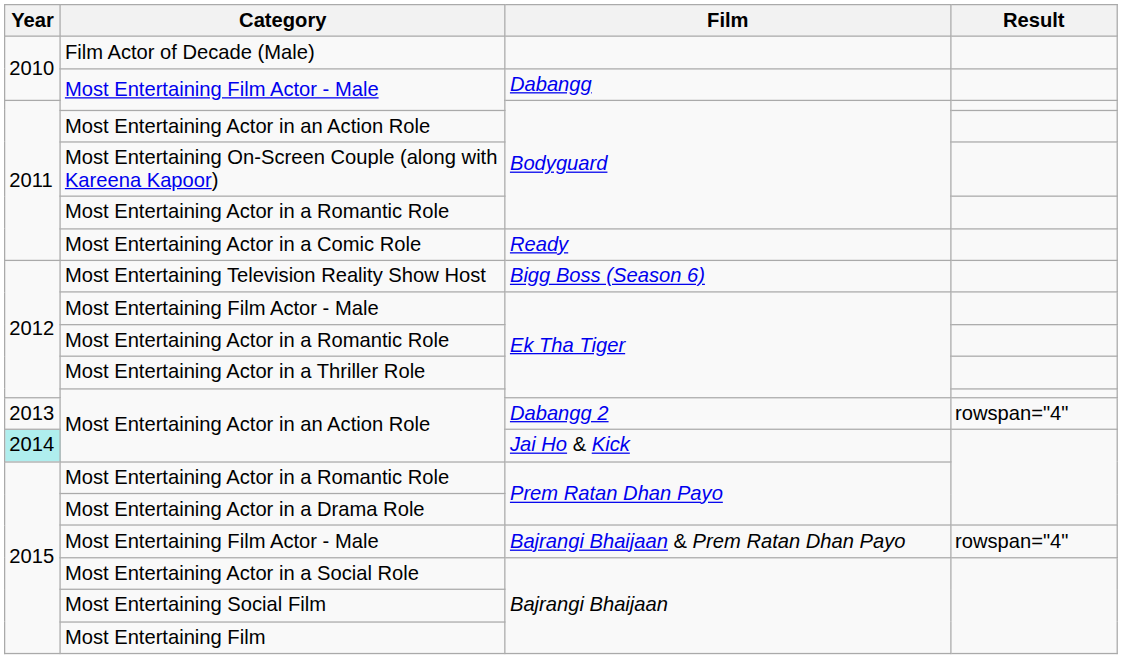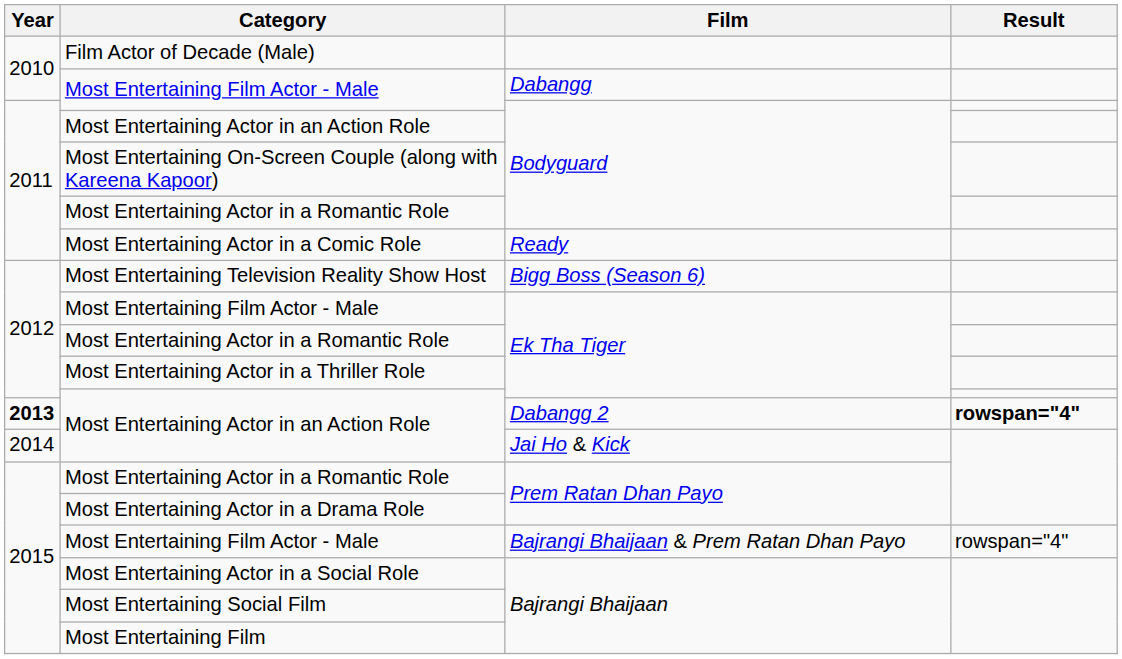 <table class="wikitable" style="width:100%;">
 <tr>
 <th width=5%>Year</th>
 <th style="width:40%;">Category</th>
 <th style="width:40%;">Film</th>
 <th style="width:15%;">Result</th>
 </tr>
 <tr>
 <td rowspan="2">2010</td>
 <td>Film Actor of Decade (Male)</td>
 <td></td>
 <td></td>
 </tr>
 <tr>
 <td rowspan="2"><a href='#'>Most Entertaining Film Actor - Male</a></td>
 <td><em><a href='#'>Dabangg</a></em></td>
 <td></td>
 </tr>
 <tr>
 <td rowspan="5">2011</td>
 <td rowspan="4"><em><a href='#'>Bodyguard</a></em></td>
 <td></td>
 </tr>
 <tr>
 <td>Most Entertaining Actor in an Action Role</td>
 <td></td>
 </tr>
 <tr>
 <td>Most Entertaining On-Screen Couple (along with <a href='#'>Kareena Kapoor</a>)</td>
 <td></td>
 </tr>
 <tr>
 <td>Most Entertaining Actor in a Romantic Role</td>
 <td></td>
 </tr>
 <tr>
 <td>Most Entertaining Actor in a Comic Role</td>
 <td><em><a href='#'>Ready</a></em></td>
 <td></td>
 </tr>
 <tr>
 <td rowspan="5">2012</td>
 <td>Most Entertaining Television Reality Show Host</td>
 <td><em><a href='#'>Bigg Boss (Season 6)</a></em></td>
 <td></td>
 </tr>
 <tr>
 <td>Most Entertaining Film Actor - Male</td>
 <td rowspan="4"><em><a href='#'>Ek Tha Tiger</a></em></td>
 <td></td>
 </tr>
 <tr>
 <td>Most Entertaining Actor in a Romantic Role</td>
 <td></td>
 </tr>
 <tr>
 <td>Most Entertaining Actor in a Thriller Role</td>
 <td></td>
 </tr>
 <tr>
 <td rowspan="3">Most Entertaining Actor in an Action Role</td>
 <td></td>
 </tr>
 <tr>
-<td>2013</td>
+<td><strong>2013</strong></td>
 <td><em><a href='#'>Dabangg 2</a></em></td>
-<td>rowspan="4" </td>
+<td><strong>rowspan="4" </strong></td>
 </tr>
 <tr>
-<td style="background: paleturquoise;">2014</td>
+<td>2014</td>
 <td><em><a href='#'>Jai Ho</a></em> & <em><a href='#'>Kick</a></em></td>
 </tr>
 <tr>
 <td rowspan="6">2015</td>
 <td>Most Entertaining Actor in a Romantic Role</td>
 <td rowspan="2"><em><a href='#'>Prem Ratan Dhan Payo</a></em></td>
 </tr>
 <tr>
 <td>Most Entertaining Actor in a Drama Role</td>
 </tr>
 <tr>
 <td>Most Entertaining Film Actor - Male</td>
 <td><em><a href='#'>Bajrangi Bhaijaan</a></em> & <em>Prem Ratan Dhan Payo</em></td>
 <td>rowspan="4" </td>
 </tr>
 <tr>
 <td>Most Entertaining Actor in a Social Role</td>
 <td rowspan="3"><em>Bajrangi Bhaijaan</em></td>
 </tr>
 <tr>
 <td>Most Entertaining Social Film</td>
 </tr>
 <tr>
 <td>Most Entertaining Film</td>
 </tr>
 </table>
